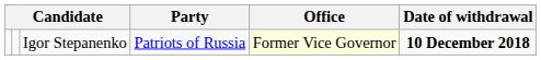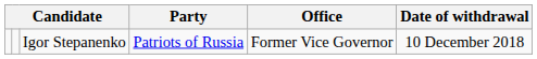 <table class="wikitable" style="text-align:center;">
 <tr>
 <th colspan=3>Candidate</th>
 <th>Party</th>
 <th>Office</th>
 <th>Date of withdrawal</th>
 </tr>
 <tr>
 <td bgcolor=></td>
 <td></td>
 <td>Igor Stepanenko</td>
 <td><a href='#'>Patriots of Russia</a></td>
-<td style="background: lightyellow;">Former Vice Governor</td>
-<td><strong>10 December 2018</strong></td>
+<td>Former Vice Governor</td>
+<td>10 December 2018</td>
 </tr>
 </table>
